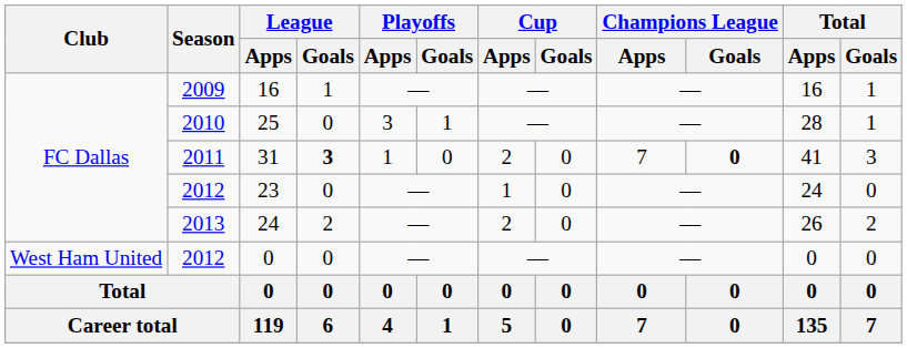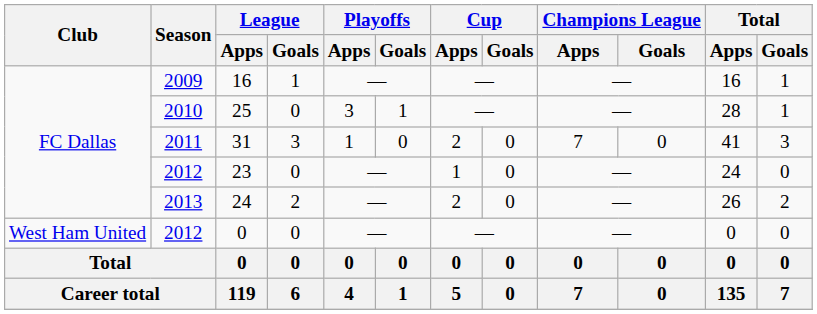 <table class="wikitable" style="text-align: center;">
 <tr>
 <th rowspan="2">Club</th>
 <th rowspan="2">Season</th>
 <th colspan="2"><a href='#'>League</a></th>
 <th colspan="2"><a href='#'>Playoffs</a></th>
 <th colspan="2"><a href='#'>Cup</a></th>
 <th colspan="2"><a href='#'>Champions League</a></th>
 <th colspan="2">Total</th>
 </tr>
 <tr>
 <th>Apps</th>
 <th>Goals</th>
 <th>Apps</th>
 <th>Goals</th>
 <th>Apps</th>
 <th>Goals</th>
 <th>Apps</th>
 <th>Goals</th>
 <th>Apps</th>
 <th>Goals</th>
 </tr>
 <tr>
 <td rowspan="5"><a href='#'>FC Dallas</a></td>
 <td><a href='#'>2009</a></td>
 <td>16</td>
 <td>1</td>
 <td colspan=2>—</td>
 <td colspan=2>—</td>
 <td colspan=2>—</td>
 <td>16</td>
 <td>1</td>
 </tr>
 <tr>
 <td><a href='#'>2010</a></td>
 <td>25</td>
 <td>0</td>
 <td>3</td>
 <td>1</td>
 <td colspan=2>—</td>
 <td colspan=2>—</td>
 <td>28</td>
 <td>1</td>
 </tr>
 <tr>
 <td><a href='#'>2011</a></td>
 <td>31</td>
-<td><strong>3</strong></td>
+<td>3</td>
 <td>1</td>
 <td>0</td>
 <td>2</td>
 <td>0</td>
 <td>7</td>
-<td><strong>0</strong></td>
+<td>0</td>
 <td>41</td>
 <td>3</td>
 </tr>
 <tr>
 <td><a href='#'>2012</a></td>
 <td>23</td>
 <td>0</td>
 <td colspan=2>—</td>
 <td>1</td>
 <td>0</td>
 <td colspan=2>—</td>
 <td>24</td>
 <td>0</td>
 </tr>
 <tr>
 <td><a href='#'>2013</a></td>
 <td>24</td>
 <td>2</td>
 <td colspan=2>—</td>
 <td>2</td>
 <td>0</td>
 <td colspan=2>—</td>
 <td>26</td>
 <td>2</td>
 </tr>
 <tr>
 <td rowspan="1"><a href='#'>West Ham United</a></td>
 <td><a href='#'>2012</a></td>
 <td>0</td>
 <td>0</td>
 <td colspan=2>—</td>
 <td colspan=2>—</td>
 <td colspan=2>—</td>
 <td>0</td>
 <td>0</td>
 </tr>
 <tr>
 <th colspan=2>Total</th>
 <th>0</th>
 <th>0</th>
 <th>0</th>
 <th>0</th>
 <th>0</th>
 <th>0</th>
 <th>0</th>
 <th>0</th>
 <th>0</th>
 <th>0</th>
 </tr>
 <tr>
 <th colspan=2>Career total</th>
 <th>119</th>
 <th>6</th>
 <th>4</th>
 <th>1</th>
 <th>5</th>
 <th>0</th>
 <th>7</th>
 <th>0</th>
 <th>135</th>
 <th>7</th>
 </tr>
 <tr>
 </tr>
 </table>
